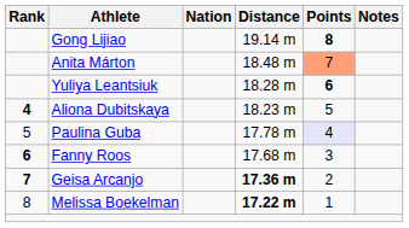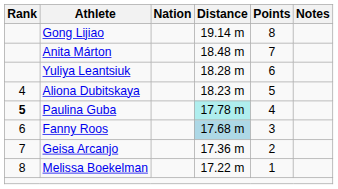 <table class="wikitable mw-datatable sortable" style="text-align:center;">
 <tr>
 <th>Rank</th>
 <th>Athlete</th>
 <th>Nation</th>
 <th>Distance</th>
 <th>Points</th>
 <th>Notes</th>
 </tr>
 <tr>
 <td></td>
 <td align=left><a href='#'>Gong Lijiao</a></td>
 <td align=left></td>
 <td>19.14 m</td>
-<td><strong>8</strong></td>
+<td>8</td>
 <td></td>
 </tr>
 <tr>
 <td></td>
 <td align=left><a href='#'>Anita Márton</a></td>
 <td align=left></td>
 <td>18.48 m</td>
-<td style="background: lightsalmon;">7</td>
+<td>7</td>
 <td></td>
 </tr>
 <tr>
 <td></td>
 <td align=left><a href='#'>Yuliya Leantsiuk</a></td>
 <td align=left></td>
 <td>18.28 m</td>
-<td><strong>6</strong></td>
+<td>6</td>
 <td></td>
 </tr>
 <tr>
-<td><strong>4</strong></td>
+<td>4</td>
 <td align=left><a href='#'>Aliona Dubitskaya</a></td>
 <td align=left></td>
 <td>18.23 m</td>
 <td>5</td>
 <td></td>
 </tr>
 <tr>
-<td>5</td>
+<td><strong>5</strong></td>
 <td align=left><a href='#'>Paulina Guba</a></td>
 <td align=left></td>
-<td>17.78 m</td>
-<td style="background: lavender;">4</td>
+<td style="background: paleturquoise;">17.78 m</td>
+<td>4</td>
 <td></td>
 </tr>
 <tr>
-<td><strong>6</strong></td>
+<td>6</td>
 <td align=left><a href='#'>Fanny Roos</a></td>
 <td align=left></td>
-<td>17.68 m</td>
+<td style="background: lightblue;">17.68 m</td>
 <td>3</td>
 <td></td>
 </tr>
 <tr>
-<td><strong>7</strong></td>
+<td>7</td>
 <td align=left><a href='#'>Geisa Arcanjo</a></td>
 <td align=left></td>
-<td><strong>17.36 m</strong></td>
+<td>17.36 m</td>
 <td>2</td>
 <td></td>
 </tr>
 <tr>
 <td>8</td>
 <td align=left><a href='#'>Melissa Boekelman</a></td>
 <td align=left></td>
-<td><strong>17.22 m</strong></td>
+<td>17.22 m</td>
 <td>1</td>
 <td></td>
 </tr>
 <tr class="sortbottom">
 <td colspan=6></td>
 </tr>
 </table>
